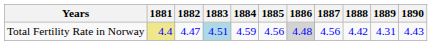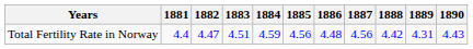 <table class="wikitable " style="text-align:right">
 <tr>
 <th>Years</th>
 <th>1881</th>
 <th>1882</th>
 <th>1883</th>
 <th>1884</th>
 <th>1885</th>
 <th>1886</th>
 <th>1887</th>
 <th>1888</th>
 <th>1889</th>
 <th>1890</th>
 </tr>
 <tr>
 <td align="left">Total Fertility Rate in Norway</td>
-<td style="background: khaki; text-align:right; color:blue;">4.4</td>
+<td style="text-align:right; color:blue;">4.4</td>
 <td style="text-align:right; color:blue;">4.47</td>
-<td style="background: lightblue; text-align:right; color:blue;">4.51</td>
+<td style="text-align:right; color:blue;">4.51</td>
 <td style="text-align:right; color:blue;">4.59</td>
 <td style="text-align:right; color:blue;">4.56</td>
-<td style="background: lightgrey; text-align:right; color:blue;">4.48</td>
+<td style="text-align:right; color:blue;">4.48</td>
 <td style="text-align:right; color:blue;">4.56</td>
 <td style="text-align:right; color:blue;">4.42</td>
 <td style="text-align:right; color:blue;">4.31</td>
 <td style="text-align:right; color:blue;">4.43</td>
 </tr>
 </table>
